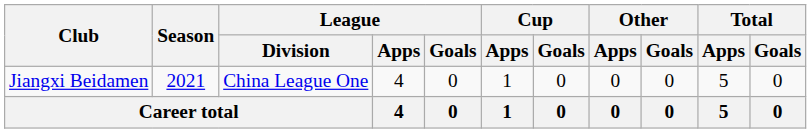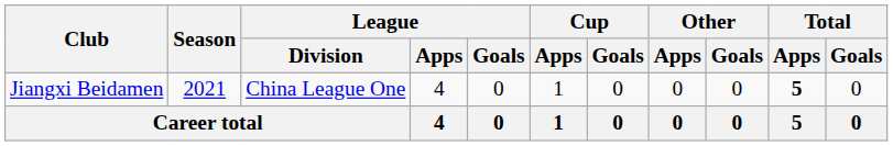 <table class="wikitable" style="text-align: center">
 <tr>
 <th rowspan="2">Club</th>
 <th rowspan="2">Season</th>
 <th colspan="3">League</th>
 <th colspan="2">Cup</th>
 <th colspan="2">Other</th>
 <th colspan="2">Total</th>
 </tr>
 <tr>
 <th>Division</th>
 <th>Apps</th>
 <th>Goals</th>
 <th>Apps</th>
 <th>Goals</th>
 <th>Apps</th>
 <th>Goals</th>
 <th>Apps</th>
 <th>Goals</th>
 </tr>
 <tr>
 <td><a href='#'>Jiangxi Beidamen</a></td>
 <td><a href='#'>2021</a></td>
 <td><a href='#'>China League One</a></td>
 <td>4</td>
 <td>0</td>
 <td>1</td>
 <td>0</td>
 <td>0</td>
 <td>0</td>
-<td>5</td>
+<td><strong>5</strong></td>
 <td>0</td>
 </tr>
 <tr>
 <th colspan=3>Career total</th>
 <th>4</th>
 <th>0</th>
 <th>1</th>
 <th>0</th>
 <th>0</th>
 <th>0</th>
 <th>5</th>
 <th>0</th>
 </tr>
 </table>
